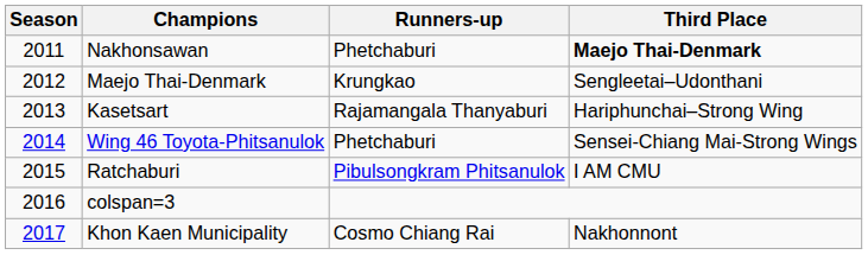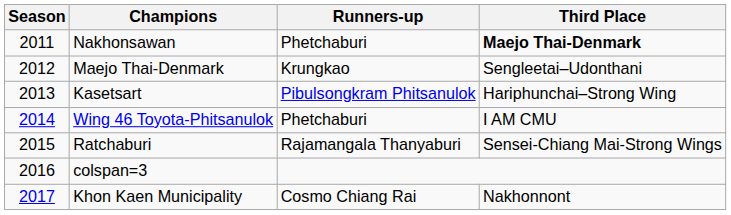 <table class="wikitable">
 <tr>
 <th>Season</th>
 <th>Champions</th>
 <th>Runners-up</th>
 <th>Third Place</th>
 </tr>
 <tr>
 <td align=center>2011</td>
 <td>Nakhonsawan</td>
 <td>Phetchaburi</td>
 <td><strong>Maejo Thai-Denmark</strong></td>
 </tr>
 <tr>
 <td align=center>2012</td>
 <td>Maejo Thai-Denmark</td>
 <td>Krungkao</td>
 <td>Sengleetai–Udonthani</td>
 </tr>
 <tr>
 <td align=center>2013</td>
 <td>Kasetsart</td>
-<td>Rajamangala Thanyaburi</td>
+<td><a href='#'>Pibulsongkram Phitsanulok</a></td>
 <td>Hariphunchai–Strong Wing</td>
 </tr>
 <tr>
 <td align=center><a href='#'>2014</a></td>
 <td><a href='#'>Wing 46 Toyota-Phitsanulok</a></td>
 <td>Phetchaburi</td>
-<td>Sensei-Chiang Mai-Strong Wings</td>
+<td>I AM CMU</td>
 </tr>
 <tr>
 <td align=center>2015</td>
 <td>Ratchaburi</td>
-<td><a href='#'>Pibulsongkram Phitsanulok</a></td>
-<td>I AM CMU</td>
+<td>Rajamangala Thanyaburi</td>
+<td>Sensei-Chiang Mai-Strong Wings</td>
 </tr>
 <tr>
 <td align=center>2016</td>
 <td>colspan=3 </td>
 </tr>
 <tr>
 <td align=center><a href='#'>2017</a></td>
 <td>Khon Kaen Municipality</td>
 <td>Cosmo Chiang Rai</td>
 <td>Nakhonnont</td>
 </tr>
 </table>
